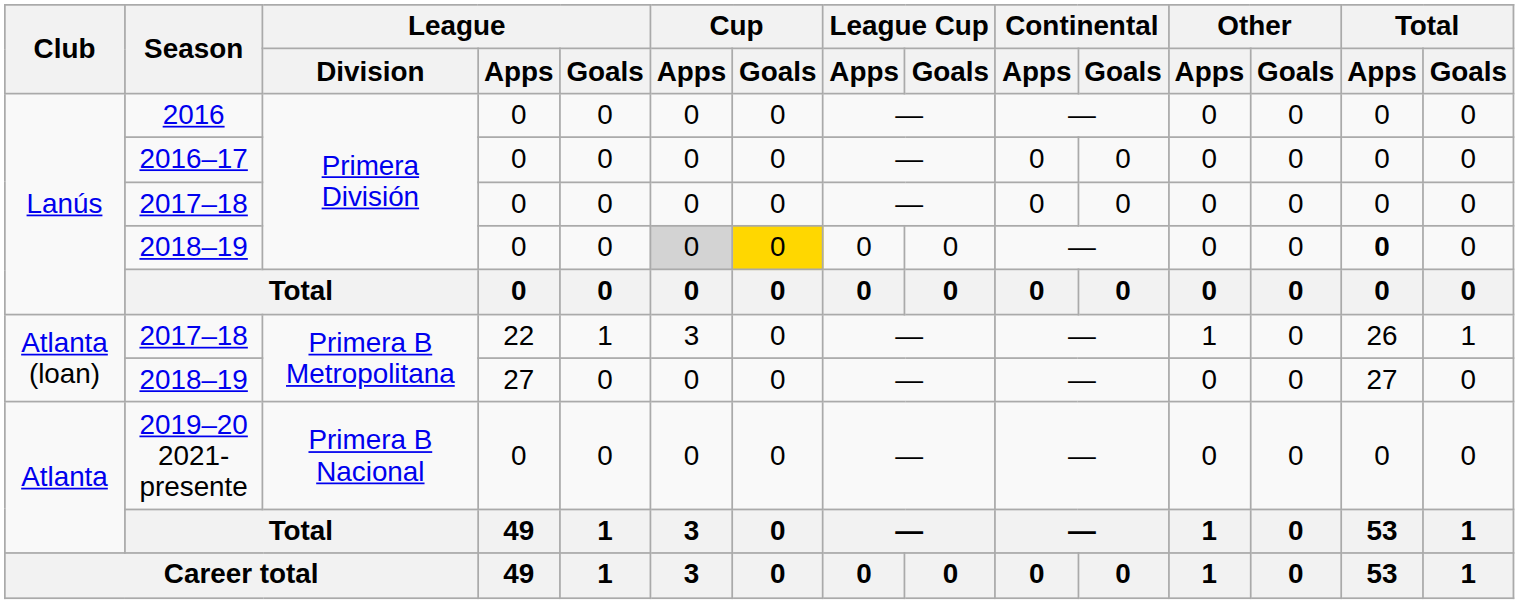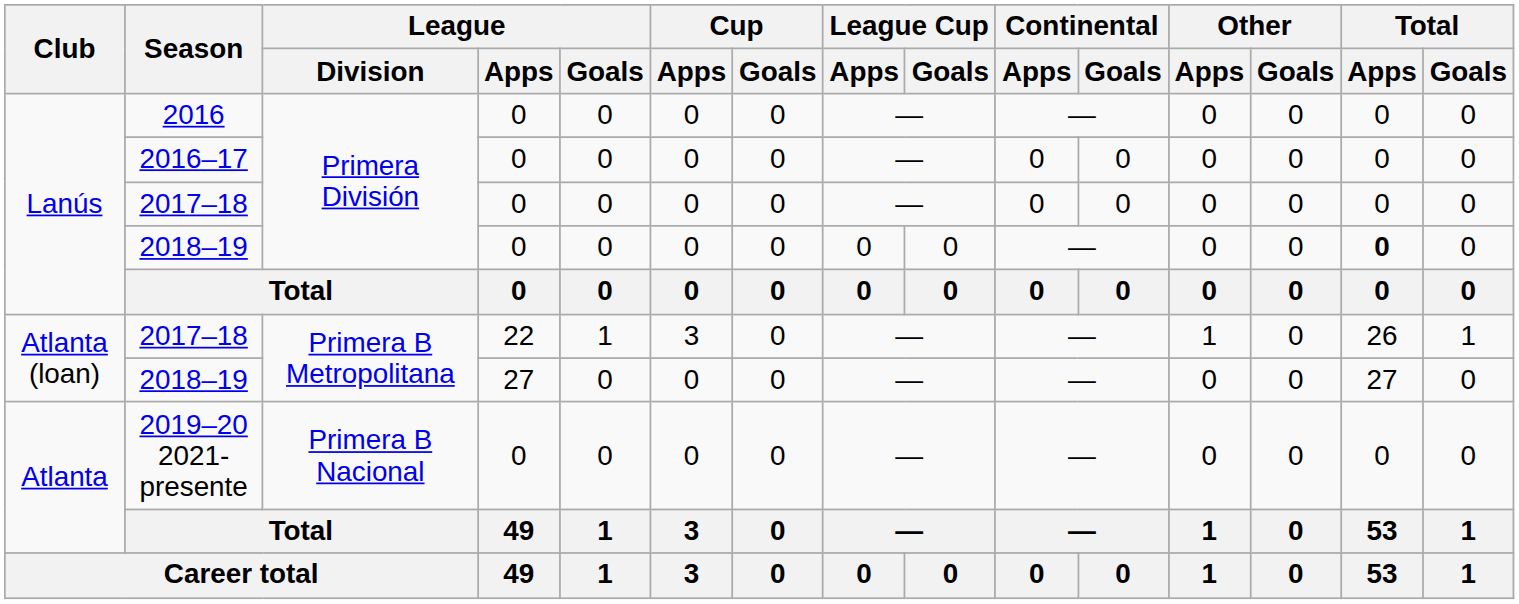 <table class="wikitable" style="text-align:center">
 <tr>
 <th rowspan="2">Club</th>
 <th rowspan="2">Season</th>
 <th colspan="3">League</th>
 <th colspan="2">Cup</th>
 <th colspan="2">League Cup</th>
 <th colspan="2">Continental</th>
 <th colspan="2">Other</th>
 <th colspan="2">Total</th>
 </tr>
 <tr>
 <th>Division</th>
 <th>Apps</th>
 <th>Goals</th>
 <th>Apps</th>
 <th>Goals</th>
 <th>Apps</th>
 <th>Goals</th>
 <th>Apps</th>
 <th>Goals</th>
 <th>Apps</th>
 <th>Goals</th>
 <th>Apps</th>
 <th>Goals</th>
 </tr>
 <tr>
 <td rowspan="5"><a href='#'>Lanús</a></td>
 <td><a href='#'>2016</a></td>
 <td rowspan="4"><a href='#'>Primera División</a></td>
 <td>0</td>
 <td>0</td>
 <td>0</td>
 <td>0</td>
 <td colspan="2">—</td>
 <td colspan="2">—</td>
 <td>0</td>
 <td>0</td>
 <td>0</td>
 <td>0</td>
 </tr>
 <tr>
 <td><a href='#'>2016–17</a></td>
 <td>0</td>
 <td>0</td>
 <td>0</td>
 <td>0</td>
 <td colspan="2">—</td>
 <td>0</td>
 <td>0</td>
 <td>0</td>
 <td>0</td>
 <td>0</td>
 <td>0</td>
 </tr>
 <tr>
 <td><a href='#'>2017–18</a></td>
 <td>0</td>
 <td>0</td>
 <td>0</td>
 <td>0</td>
 <td colspan="2">—</td>
 <td>0</td>
 <td>0</td>
 <td>0</td>
 <td>0</td>
 <td>0</td>
 <td>0</td>
 </tr>
 <tr>
 <td><a href='#'>2018–19</a></td>
 <td>0</td>
 <td>0</td>
-<td style="background: lightgrey;">0</td>
-<td style="background: gold;">0</td>
+<td>0</td>
+<td>0</td>
 <td>0</td>
 <td>0</td>
 <td colspan="2">—</td>
 <td>0</td>
 <td>0</td>
 <td><strong>0</strong></td>
 <td>0</td>
 </tr>
 <tr>
 <th colspan="2">Total</th>
 <th>0</th>
 <th>0</th>
 <th>0</th>
 <th>0</th>
 <th>0</th>
 <th>0</th>
 <th>0</th>
 <th>0</th>
 <th>0</th>
 <th>0</th>
 <th>0</th>
 <th>0</th>
 </tr>
 <tr>
 <td rowspan="2"><a href='#'>Atlanta</a> (loan)</td>
 <td><a href='#'>2017–18</a></td>
 <td rowspan="2"><a href='#'>Primera B Metropolitana</a></td>
 <td>22</td>
 <td>1</td>
 <td>3</td>
 <td>0</td>
 <td colspan="2">—</td>
 <td colspan="2">—</td>
 <td>1</td>
 <td>0</td>
 <td>26</td>
 <td>1</td>
 </tr>
 <tr>
 <td><a href='#'>2018–19</a></td>
 <td>27</td>
 <td>0</td>
 <td>0</td>
 <td>0</td>
 <td colspan="2">—</td>
 <td colspan="2">—</td>
 <td>0</td>
 <td>0</td>
 <td>27</td>
 <td>0</td>
 </tr>
 <tr>
 <td rowspan="2"><a href='#'>Atlanta</a><br></td>
 <td><a href='#'>2019–20</a><br>2021-presente</td>
 <td rowspan="1"><a href='#'>Primera B Nacional</a></td>
 <td>0</td>
 <td>0</td>
 <td>0</td>
 <td>0</td>
 <td colspan="2">—</td>
 <td colspan="2">—</td>
 <td>0</td>
 <td>0</td>
 <td>0</td>
 <td>0</td>
 </tr>
 <tr>
 <th colspan="2">Total</th>
 <th>49</th>
 <th>1</th>
 <th>3</th>
 <th>0</th>
 <th colspan="2">—</th>
 <th colspan="2">—</th>
 <th>1</th>
 <th>0</th>
 <th>53</th>
 <th>1</th>
 </tr>
 <tr>
 <th colspan="3">Career total</th>
 <th>49</th>
 <th>1</th>
 <th>3</th>
 <th>0</th>
 <th>0</th>
 <th>0</th>
 <th>0</th>
 <th>0</th>
 <th>1</th>
 <th>0</th>
 <th>53</th>
 <th>1</th>
 </tr>
 </table>
